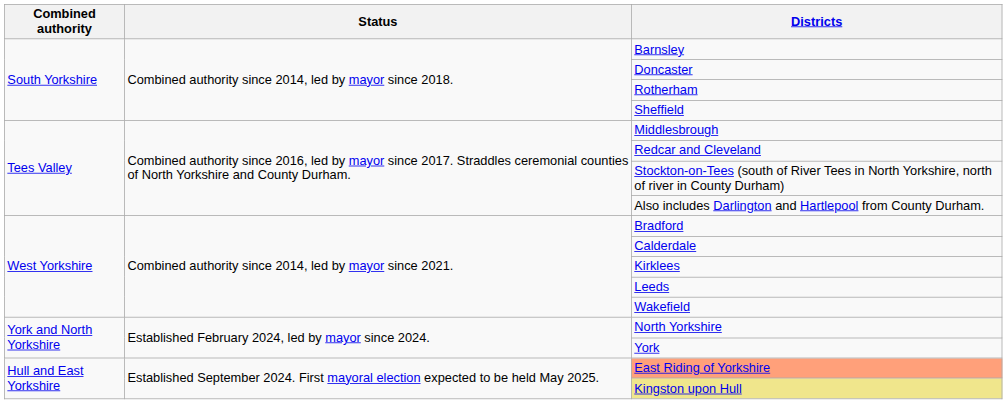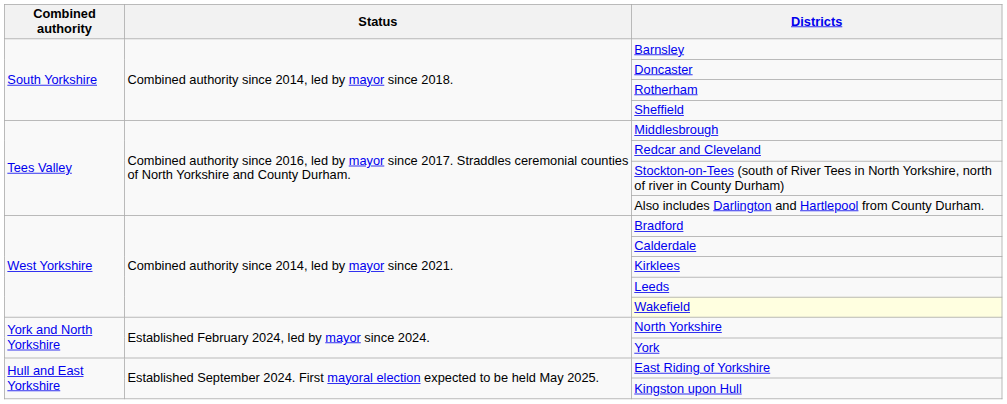 <table class="wikitable">
 <tr>
 <th>Combined authority</th>
 <th>Status</th>
 <th><a href='#'>Districts</a></th>
 </tr>
 <tr>
 <td rowspan=4><a href='#'>South Yorkshire</a></td>
 <td rowspan=4>Combined authority since 2014, led by <a href='#'>mayor</a> since 2018.</td>
 <td><a href='#'>Barnsley</a></td>
 </tr>
 <tr>
 <td><a href='#'>Doncaster</a></td>
 </tr>
 <tr>
 <td><a href='#'>Rotherham</a></td>
 </tr>
 <tr>
 <td><a href='#'>Sheffield</a></td>
 </tr>
 <tr>
 <td rowspan=4><a href='#'>Tees Valley</a></td>
 <td rowspan=4>Combined authority since 2016, led by <a href='#'>mayor</a> since 2017. Straddles ceremonial counties of North Yorkshire and County Durham.</td>
 <td><a href='#'>Middlesbrough</a></td>
 </tr>
 <tr>
 <td><a href='#'>Redcar and Cleveland</a></td>
 </tr>
 <tr>
 <td><a href='#'>Stockton-on-Tees</a> (south of River Tees in North Yorkshire, north of river in County Durham)</td>
 </tr>
 <tr>
 <td>Also includes <a href='#'>Darlington</a> and <a href='#'>Hartlepool</a> from County Durham.</td>
 </tr>
 <tr>
 <td rowspan=5><a href='#'>West Yorkshire</a></td>
 <td rowspan=5>Combined authority since 2014, led by <a href='#'>mayor</a> since 2021.</td>
 <td><a href='#'>Bradford</a></td>
 </tr>
 <tr>
 <td><a href='#'>Calderdale</a></td>
 </tr>
 <tr>
 <td><a href='#'>Kirklees</a></td>
 </tr>
 <tr>
 <td><a href='#'>Leeds</a></td>
 </tr>
 <tr>
-<td><a href='#'>Wakefield</a></td>
+<td style="background: lightyellow;"><a href='#'>Wakefield</a></td>
 </tr>
 <tr>
 <td rowspan=2><a href='#'>York and North Yorkshire</a></td>
 <td rowspan=2>Established February 2024, led by <a href='#'>mayor</a> since 2024.</td>
 <td><a href='#'>North Yorkshire</a></td>
 </tr>
 <tr>
 <td><a href='#'>York</a></td>
 </tr>
 <tr>
 <td rowspan=2><a href='#'>Hull and East Yorkshire</a></td>
 <td rowspan="2">Established September 2024. First <a href='#'>mayoral election</a> expected to be held May 2025.</td>
-<td style="background: lightsalmon;"><a href='#'>East Riding of Yorkshire</a></td>
+<td><a href='#'>East Riding of Yorkshire</a></td>
 </tr>
 <tr>
-<td style="background: khaki;"><a href='#'>Kingston upon Hull</a></td>
+<td><a href='#'>Kingston upon Hull</a></td>
 </tr>
 </table>
